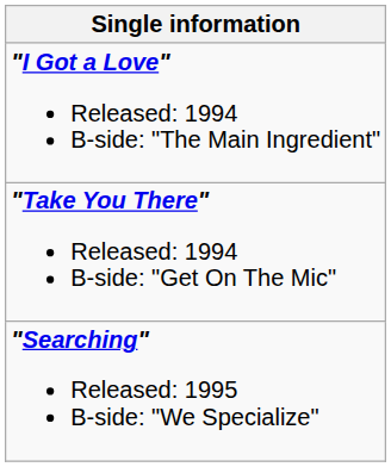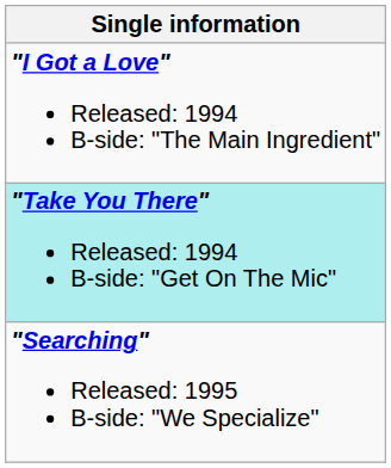 <table class="wikitable">
 <tr>
 <th>Single information</th>
 </tr>
 <tr>
 <td><strong><em>"<a href='#'>I Got a Love</a>"</em></strong><br><ul><li>Released: 1994</li><li>B-side: "The Main Ingredient"</li></ul></td>
 </tr>
 <tr>
-<td><strong><em>"<a href='#'>Take You There</a>"</em></strong><br><ul><li>Released: 1994</li><li>B-side: "Get On The Mic"</li></ul></td>
+<td style="background: paleturquoise;"><strong><em>"<a href='#'>Take You There</a>"</em></strong><br><ul><li>Released: 1994</li><li>B-side: "Get On The Mic"</li></ul></td>
 </tr>
 <tr>
 <td><strong><em>"<a href='#'>Searching</a>"</em></strong><br><ul><li>Released: 1995</li><li>B-side: "We Specialize"</li></ul></td>
 </tr>
 </table>
